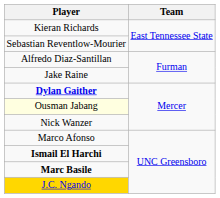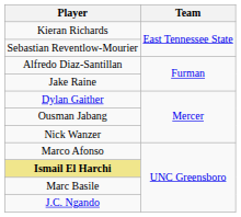 <table class="wikitable" style="text-align: center;">
 <tr>
 <th>Player</th>
 <th>Team</th>
 </tr>
 <tr>
 <td>Kieran Richards</td>
 <td rowspan=2><a href='#'>East Tennessee State</a></td>
 </tr>
 <tr>
 <td>Sebastian Reventlow-Mourier</td>
 </tr>
 <tr>
 <td>Alfredo Diaz-Santillan</td>
 <td rowspan=2><a href='#'>Furman</a></td>
 </tr>
 <tr>
 <td>Jake Raine</td>
 </tr>
 <tr>
-<td><strong><a href='#'>Dylan Gaither</a></strong></td>
+<td><a href='#'>Dylan Gaither</a></td>
 <td rowspan=3><a href='#'>Mercer</a></td>
 </tr>
 <tr>
-<td style="background: lightyellow;">Ousman Jabang</td>
+<td>Ousman Jabang</td>
 </tr>
 <tr>
 <td>Nick Wanzer</td>
 </tr>
 <tr>
 <td>Marco Afonso</td>
 <td rowspan=4><a href='#'>UNC Greensboro</a></td>
 </tr>
 <tr>
-<td><strong>Ismail El Harchi</strong></td>
+<td style="background: khaki;"><strong>Ismail El Harchi</strong></td>
 </tr>
 <tr>
-<td><strong>Marc Basile</strong></td>
+<td>Marc Basile</td>
 </tr>
 <tr>
-<td style="background: gold;"><a href='#'>J.C. Ngando</a></td>
+<td><a href='#'>J.C. Ngando</a></td>
 </tr>
 </table>
